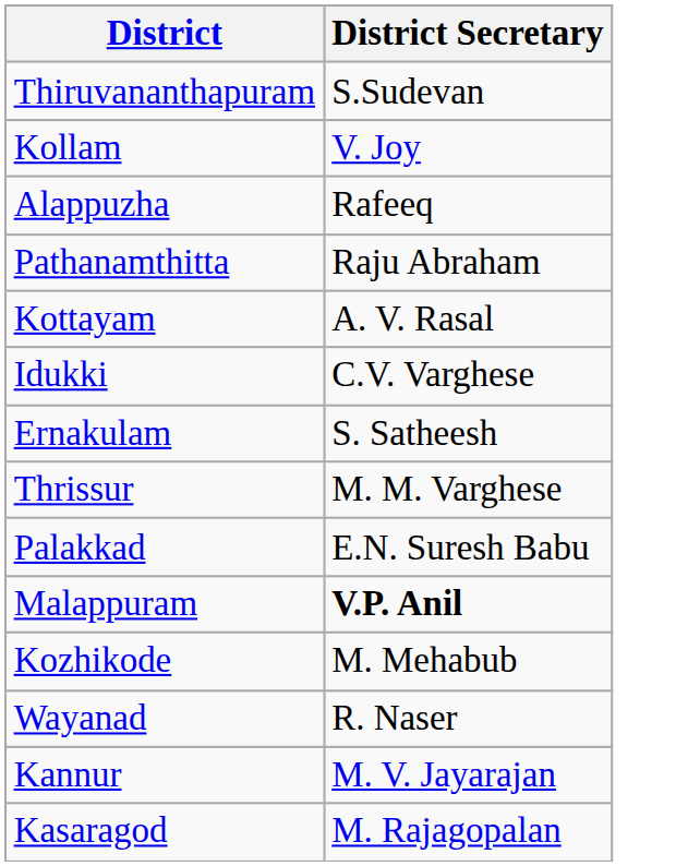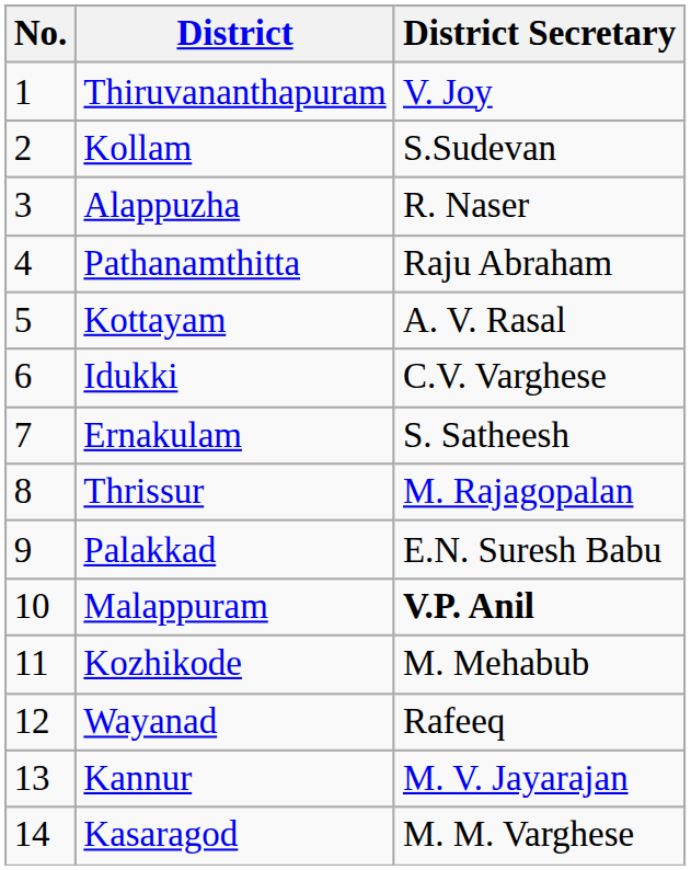 <table class="wikitable">
 <tr>
+<th Style="background-color:">No.</th>
 <th Style="background-color:"><a href='#'>District</a></th>
 <th Style="background-color:">District Secretary</th>
 </tr>
 <tr>
+<td>1</td>
 <td><a href='#'>Thiruvananthapuram</a></td>
+<td><a href='#'>V. Joy</a></td>
+</tr>
+<tr>
+<td>2</td>
+<td><a href='#'>Kollam</a></td>
 <td>S.Sudevan</td>
 </tr>
 <tr>
-<td><a href='#'>Kollam</a></td>
-<td><a href='#'>V. Joy</a></td>
+<td>3</td>
+<td><a href='#'>Alappuzha</a></td>
+<td>R. Naser </td>
 </tr>
 <tr>
-<td><a href='#'>Alappuzha</a></td>
-<td>Rafeeq</td>
-</tr>
-<tr>
+<td>4</td>
 <td><a href='#'>Pathanamthitta</a></td>
 <td>Raju Abraham </td>
 </tr>
 <tr>
+<td>5</td>
 <td><a href='#'>Kottayam</a></td>
 <td>A. V. Rasal </td>
 </tr>
 <tr>
+<td>6</td>
 <td><a href='#'>Idukki</a></td>
 <td>C.V. Varghese </td>
 </tr>
 <tr>
+<td>7</td>
 <td><a href='#'>Ernakulam</a></td>
 <td>S. Satheesh </td>
 </tr>
 <tr>
+<td>8</td>
 <td><a href='#'>Thrissur</a></td>
-<td>M. M. Varghese </td>
+<td><a href='#'>M. Rajagopalan</a></td>
 </tr>
 <tr>
+<td>9</td>
 <td><a href='#'>Palakkad</a></td>
 <td>E.N. Suresh Babu </td>
 </tr>
 <tr>
+<td>10</td>
 <td><a href='#'>Malappuram</a></td>
 <td><strong>V.P. Anil</strong></td>
 </tr>
 <tr>
+<td>11</td>
 <td><a href='#'>Kozhikode</a></td>
 <td>M. Mehabub</td>
 </tr>
 <tr>
+<td>12</td>
 <td><a href='#'>Wayanad</a></td>
-<td>R. Naser </td>
+<td>Rafeeq</td>
 </tr>
 <tr>
+<td>13</td>
 <td><a href='#'>Kannur</a></td>
 <td><a href='#'>M. V. Jayarajan</a></td>
 </tr>
 <tr>
+<td>14</td>
 <td><a href='#'>Kasaragod</a></td>
-<td><a href='#'>M. Rajagopalan</a></td>
+<td>M. M. Varghese </td>
 </tr>
 </table>
